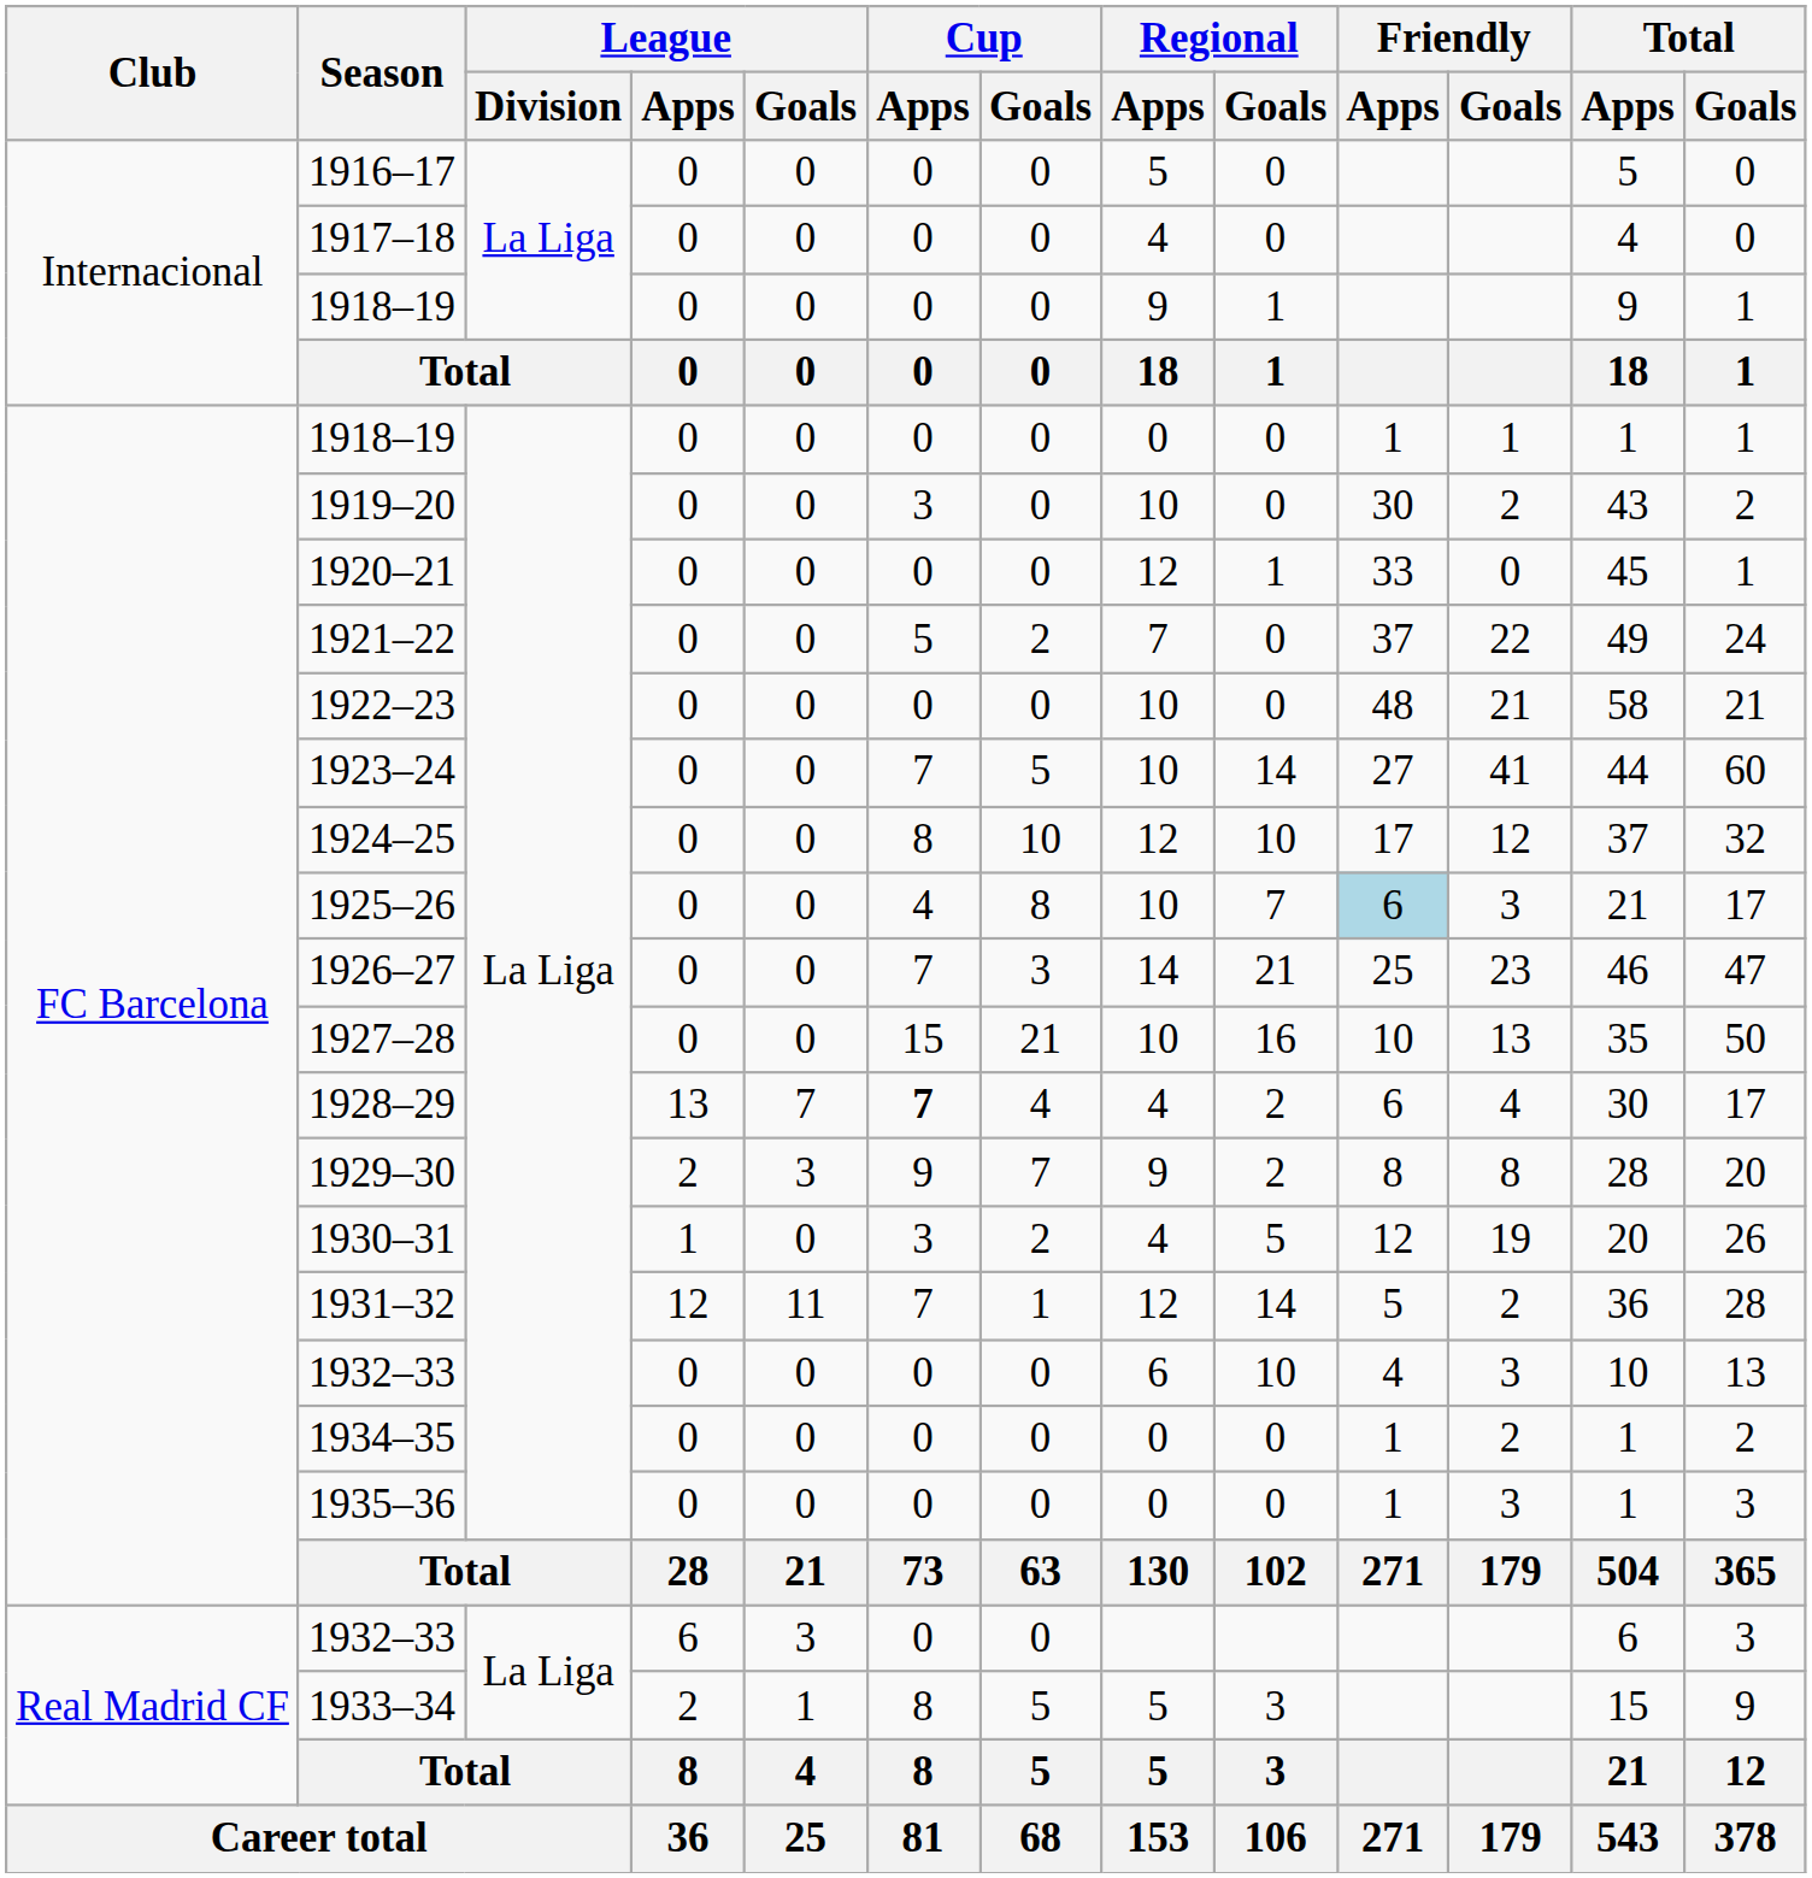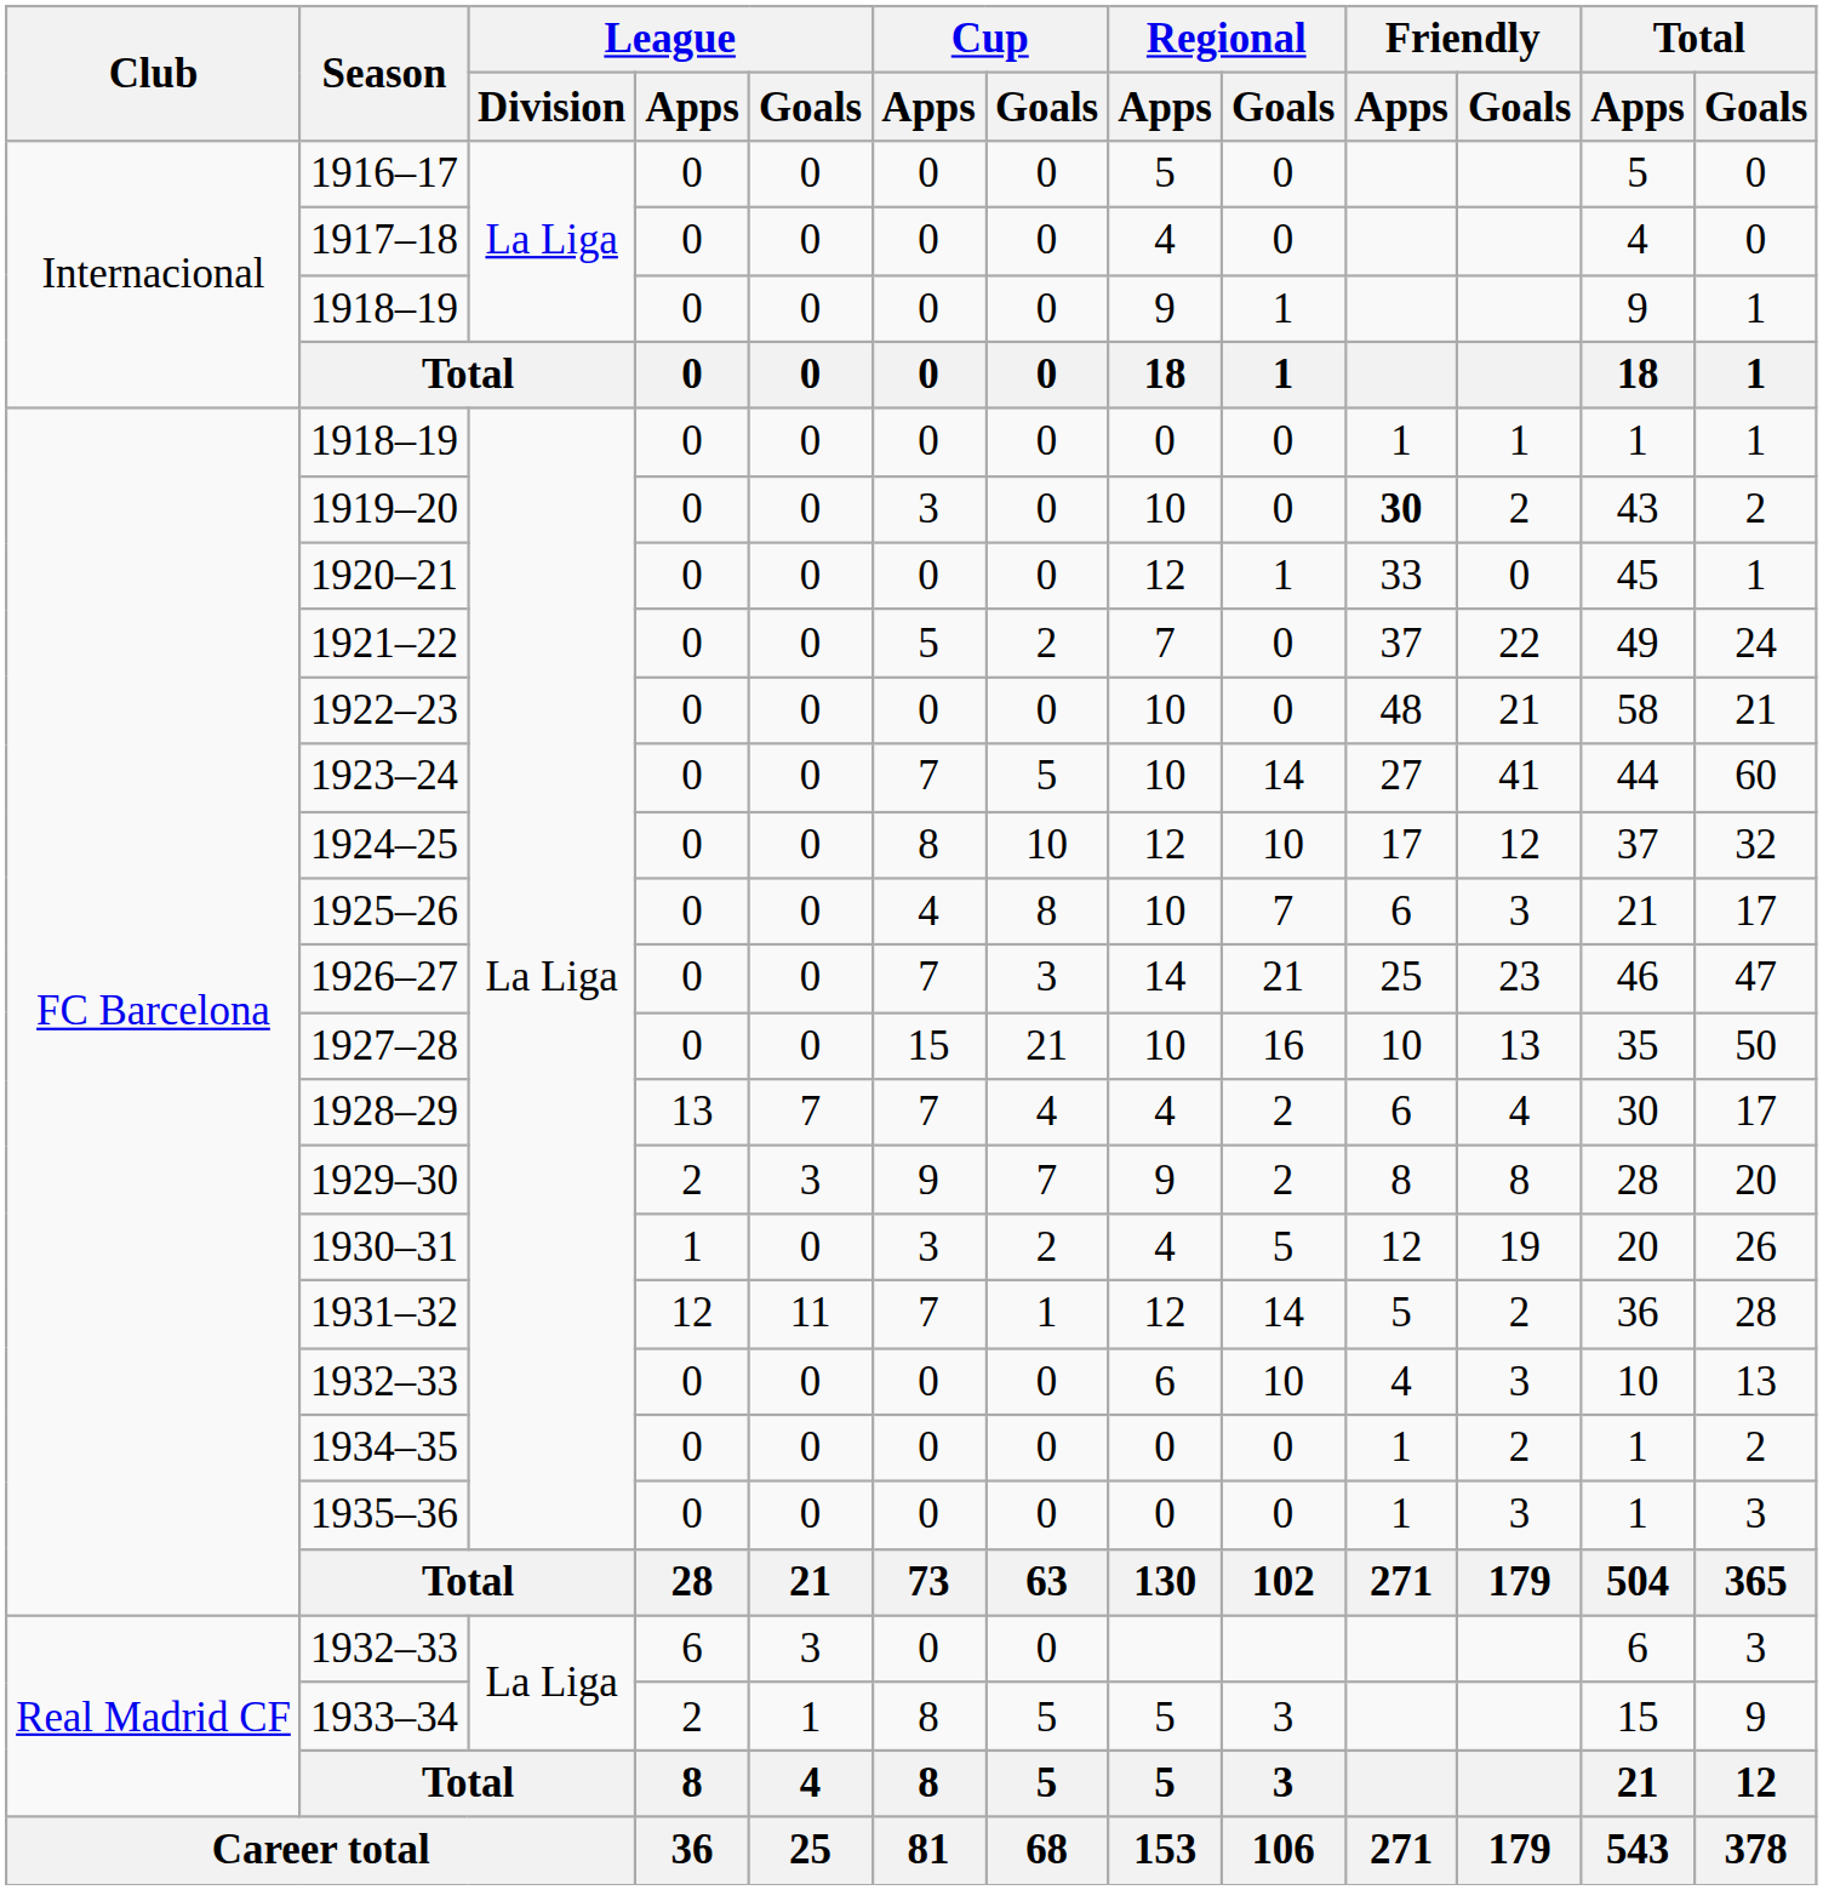 <table class="wikitable" style="text-align:center">
 <tr>
 <th rowspan="2">Club</th>
 <th rowspan="2">Season</th>
 <th colspan="3"><a href='#'>League</a></th>
 <th colspan="2"><a href='#'>Cup</a></th>
 <th colspan="2"><a href='#'>Regional</a></th>
 <th colspan="2">Friendly</th>
 <th colspan="2">Total</th>
 </tr>
 <tr>
 <th>Division</th>
 <th>Apps</th>
 <th>Goals</th>
 <th>Apps</th>
 <th>Goals</th>
 <th>Apps</th>
 <th>Goals</th>
 <th>Apps</th>
 <th>Goals</th>
 <th>Apps</th>
 <th>Goals</th>
 </tr>
 <tr>
 <td rowspan="4">Internacional</td>
 <td>1916–17</td>
 <td rowspan="3"><a href='#'>La Liga</a></td>
 <td>0</td>
 <td>0</td>
 <td>0</td>
 <td>0</td>
 <td>5</td>
 <td>0</td>
 <td></td>
 <td></td>
 <td>5</td>
 <td>0</td>
 </tr>
 <tr>
 <td>1917–18</td>
 <td>0</td>
 <td>0</td>
 <td>0</td>
 <td>0</td>
 <td>4</td>
 <td>0</td>
 <td></td>
 <td></td>
 <td>4</td>
 <td>0</td>
 </tr>
 <tr>
 <td>1918–19</td>
 <td>0</td>
 <td>0</td>
 <td>0</td>
 <td>0</td>
 <td>9</td>
 <td>1</td>
 <td></td>
 <td></td>
 <td>9</td>
 <td>1</td>
 </tr>
 <tr>
 <th colspan="2">Total</th>
 <th>0</th>
 <th>0</th>
 <th>0</th>
 <th>0</th>
 <th>18</th>
 <th>1</th>
 <th></th>
 <th></th>
 <th>18</th>
 <th>1</th>
 </tr>
 <tr>
 <td rowspan="18"><a href='#'>FC Barcelona</a></td>
 <td>1918–19</td>
 <td rowspan="17">La Liga</td>
 <td>0</td>
 <td>0</td>
 <td>0</td>
 <td>0</td>
 <td>0</td>
 <td>0</td>
 <td>1</td>
 <td>1</td>
 <td>1</td>
 <td>1</td>
 </tr>
 <tr>
 <td>1919–20</td>
 <td>0</td>
 <td>0</td>
 <td>3</td>
 <td>0</td>
 <td>10</td>
 <td>0</td>
-<td>30</td>
+<td><strong>30</strong></td>
 <td>2</td>
 <td>43</td>
 <td>2</td>
 </tr>
 <tr>
 <td>1920–21</td>
 <td>0</td>
 <td>0</td>
 <td>0</td>
 <td>0</td>
 <td>12</td>
 <td>1</td>
 <td>33</td>
 <td>0</td>
 <td>45</td>
 <td>1</td>
 </tr>
 <tr>
 <td>1921–22</td>
 <td>0</td>
 <td>0</td>
 <td>5</td>
 <td>2</td>
 <td>7</td>
 <td>0</td>
 <td>37</td>
 <td>22</td>
 <td>49</td>
 <td>24</td>
 </tr>
 <tr>
 <td>1922–23</td>
 <td>0</td>
 <td>0</td>
 <td>0</td>
 <td>0</td>
 <td>10</td>
 <td>0</td>
 <td>48</td>
 <td>21</td>
 <td>58</td>
 <td>21</td>
 </tr>
 <tr>
 <td>1923–24</td>
 <td>0</td>
 <td>0</td>
 <td>7</td>
 <td>5</td>
 <td>10</td>
 <td>14</td>
 <td>27</td>
 <td>41</td>
 <td>44</td>
 <td>60</td>
 </tr>
 <tr>
 <td>1924–25</td>
 <td>0</td>
 <td>0</td>
 <td>8</td>
 <td>10</td>
 <td>12</td>
 <td>10</td>
 <td>17</td>
 <td>12</td>
 <td>37</td>
 <td>32</td>
 </tr>
 <tr>
 <td>1925–26</td>
 <td>0</td>
 <td>0</td>
 <td>4</td>
 <td>8</td>
 <td>10</td>
 <td>7</td>
-<td style="background: lightblue;">6</td>
+<td>6</td>
 <td>3</td>
 <td>21</td>
 <td>17</td>
 </tr>
 <tr>
 <td>1926–27</td>
 <td>0</td>
 <td>0</td>
 <td>7</td>
 <td>3</td>
 <td>14</td>
 <td>21</td>
 <td>25</td>
 <td>23</td>
 <td>46</td>
 <td>47</td>
 </tr>
 <tr>
 <td>1927–28</td>
 <td>0</td>
 <td>0</td>
 <td>15</td>
 <td>21</td>
 <td>10</td>
 <td>16</td>
 <td>10</td>
 <td>13</td>
 <td>35</td>
 <td>50</td>
 </tr>
 <tr>
 <td>1928–29</td>
 <td>13</td>
 <td>7</td>
-<td><strong>7</strong></td>
+<td>7</td>
 <td>4</td>
 <td>4</td>
 <td>2</td>
 <td>6</td>
 <td>4</td>
 <td>30</td>
 <td>17</td>
 </tr>
 <tr>
 <td>1929–30</td>
 <td>2</td>
 <td>3</td>
 <td>9</td>
 <td>7</td>
 <td>9</td>
 <td>2</td>
 <td>8</td>
 <td>8</td>
 <td>28</td>
 <td>20</td>
 </tr>
 <tr>
 <td>1930–31</td>
 <td>1</td>
 <td>0</td>
 <td>3</td>
 <td>2</td>
 <td>4</td>
 <td>5</td>
 <td>12</td>
 <td>19</td>
 <td>20</td>
 <td>26</td>
 </tr>
 <tr>
 <td>1931–32</td>
 <td>12</td>
 <td>11</td>
 <td>7</td>
 <td>1</td>
 <td>12</td>
 <td>14</td>
 <td>5</td>
 <td>2</td>
 <td>36</td>
 <td>28</td>
 </tr>
 <tr>
 <td>1932–33</td>
 <td>0</td>
 <td>0</td>
 <td>0</td>
 <td>0</td>
 <td>6</td>
 <td>10</td>
 <td>4</td>
 <td>3</td>
 <td>10</td>
 <td>13</td>
 </tr>
 <tr>
 <td>1934–35</td>
 <td>0</td>
 <td>0</td>
 <td>0</td>
 <td>0</td>
 <td>0</td>
 <td>0</td>
 <td>1</td>
 <td>2</td>
 <td>1</td>
 <td>2</td>
 </tr>
 <tr>
 <td>1935–36</td>
 <td>0</td>
 <td>0</td>
 <td>0</td>
 <td>0</td>
 <td>0</td>
 <td>0</td>
 <td>1</td>
 <td>3</td>
 <td>1</td>
 <td>3</td>
 </tr>
 <tr>
 <th colspan="2">Total</th>
 <th>28</th>
 <th>21</th>
 <th>73</th>
 <th>63</th>
 <th>130</th>
 <th>102</th>
 <th>271</th>
 <th>179</th>
 <th>504</th>
 <th>365</th>
 </tr>
 <tr>
 <td rowspan="3"><a href='#'>Real Madrid CF</a></td>
 <td>1932–33</td>
 <td rowspan="2">La Liga</td>
 <td>6</td>
 <td>3</td>
 <td>0</td>
 <td>0</td>
 <td></td>
 <td></td>
 <td></td>
 <td></td>
 <td>6</td>
 <td>3</td>
 </tr>
 <tr>
 <td>1933–34</td>
 <td>2</td>
 <td>1</td>
 <td>8</td>
 <td>5</td>
 <td>5</td>
 <td>3</td>
 <td></td>
 <td></td>
 <td>15</td>
 <td>9</td>
 </tr>
 <tr>
 <th colspan="2">Total</th>
 <th>8</th>
 <th>4</th>
 <th>8</th>
 <th>5</th>
 <th>5</th>
 <th>3</th>
 <th></th>
 <th></th>
 <th>21</th>
 <th>12</th>
 </tr>
 <tr>
 <th colspan="3">Career total</th>
 <th>36</th>
 <th>25</th>
 <th>81</th>
 <th>68</th>
 <th>153</th>
 <th>106</th>
 <th>271</th>
 <th>179</th>
 <th>543</th>
 <th>378</th>
 </tr>
 </table>
